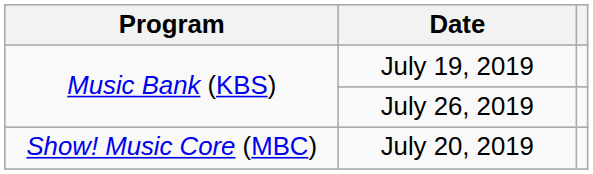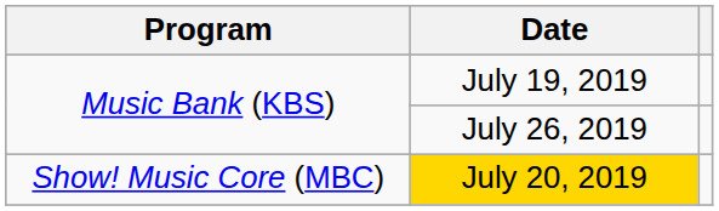 <table class="wikitable" style="text-align:center">
 <tr>
 <th width="200">Program</th>
 <th width="140">Date</th>
 <th></th>
 </tr>
 <tr>
 <td rowspan="2"><em><a href='#'>Music Bank</a></em> (<a href='#'>KBS</a>)</td>
 <td>July 19, 2019</td>
 <td></td>
 </tr>
 <tr>
 <td>July 26, 2019</td>
 <td></td>
 </tr>
 <tr>
 <td rowspan="2"><em><a href='#'>Show! Music Core</a></em> (<a href='#'>MBC</a>)</td>
-<td>July 20, 2019</td>
+<td style="background: gold;">July 20, 2019</td>
 <td></td>
 </tr>
 </table>
